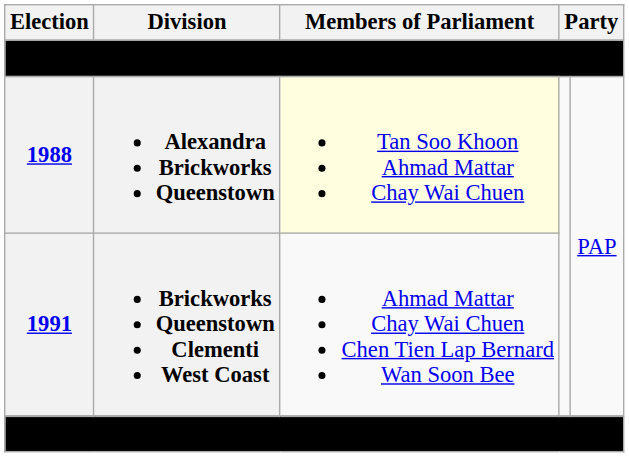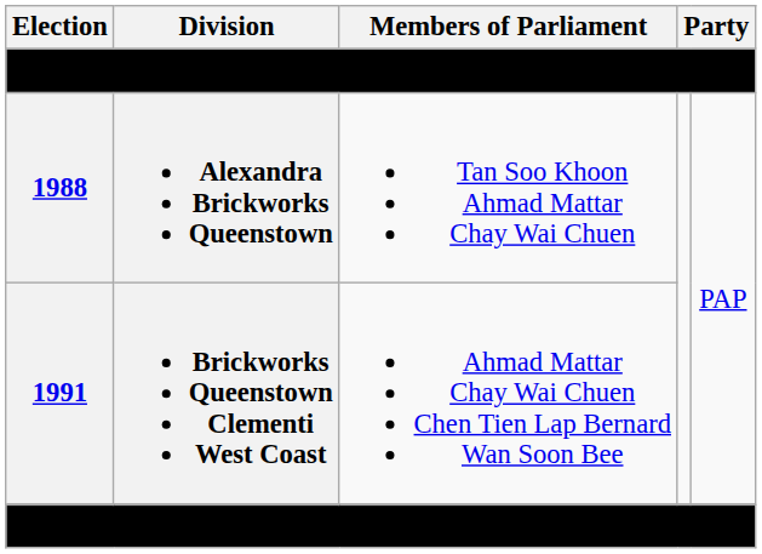 <table class="wikitable" align="center" style="text-align:center">
 <tr>
 <th>Election</th>
 <th>Division</th>
 <th>Members of Parliament</th>
 <th colspan="2">Party</th>
 </tr>
 <tr>
 <td colspan="5" bgcolor="black"><span><strong>Formation</strong></span></td>
 </tr>
 <tr>
 <th><a href='#'>1988</a></th>
 <th><br><ul><li>Alexandra</li><li>Brickworks</li><li>Queenstown</li></ul></th>
-<td style="background: lightyellow;"><br><ul><li><a href='#'>Tan Soo Khoon</a></li><li><a href='#'>Ahmad Mattar</a></li><li><a href='#'>Chay Wai Chuen</a></li></ul></td>
+<td><br><ul><li><a href='#'>Tan Soo Khoon</a></li><li><a href='#'>Ahmad Mattar</a></li><li><a href='#'>Chay Wai Chuen</a></li></ul></td>
 <td rowspan="2"></td>
 <td rowspan="2"><a href='#'>PAP</a></td>
 </tr>
 <tr>
 <th><a href='#'>1991</a></th>
 <th><br><ul><li>Brickworks</li><li>Queenstown</li><li>Clementi</li><li>West Coast</li></ul></th>
 <td><br><ul><li><a href='#'>Ahmad Mattar</a></li><li><a href='#'>Chay Wai Chuen</a></li><li><a href='#'>Chen Tien Lap Bernard</a></li><li><a href='#'>Wan Soon Bee</a></li></ul></td>
 </tr>
 <tr>
 <td colspan="5" bgcolor="black"><span><strong>Abolished (1997)</strong></span></td>
 </tr>
 </table>
